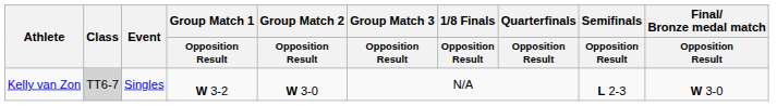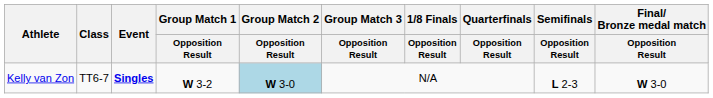 <table class=wikitable style="font-size:90%">
 <tr>
 <th rowspan="2">Athlete</th>
 <th rowspan="2">Class</th>
 <th rowspan="2">Event</th>
 <th>Group Match 1</th>
 <th>Group Match 2</th>
 <th>Group Match 3</th>
 <th>1/8 Finals</th>
 <th>Quarterfinals</th>
 <th>Semifinals</th>
 <th>Final/<br>Bronze medal match</th>
 </tr>
 <tr>
 <th style="line-height:1em"><small>Opposition<br>Result</small></th>
 <th style="line-height:1em"><small>Opposition<br>Result</small></th>
 <th style="line-height:1em"><small>Opposition<br>Result</small></th>
 <th style="line-height:1em"><small>Opposition<br>Result</small></th>
 <th style="line-height:1em"><small>Opposition<br>Result</small></th>
 <th style="line-height:1em"><small>Opposition<br>Result</small></th>
 <th style="line-height:1em"><small>Opposition<br>Result</small></th>
 </tr>
 <tr>
 <td><a href='#'>Kelly van Zon</a></td>
-<td align=center style="background: lightgrey;">TT6-7</td>
-<td><a href='#'>Singles</a></td>
+<td align=center>TT6-7</td>
+<td><strong><a href='#'>Singles</a></strong></td>
 <td align="center"><br><strong>W</strong> 3-2</td>
-<td align="center"><br><strong>W</strong> 3-0</td>
+<td align="center" style="background: lightblue;"><br><strong>W</strong> 3-0</td>
 <td align="center" colspan="3">N/A</td>
 <td align="center"><br><strong>L</strong> 2-3</td>
 <td align="center"><br><strong>W</strong> 3-0 </td>
 </tr>
 </table>
